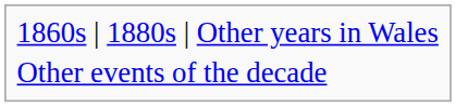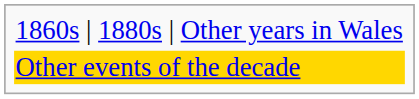 <table class="infobox" id="toc">
 <tr>
 <td align="left"><a href='#'>1860s</a> | <a href='#'>1880s</a> | <a href='#'>Other years in Wales</a></td>
 </tr>
 <tr>
-<td><a href='#'>Other events of the decade</a></td>
+<td style="background: gold;"><a href='#'>Other events of the decade</a></td>
 </tr>
 </table>
